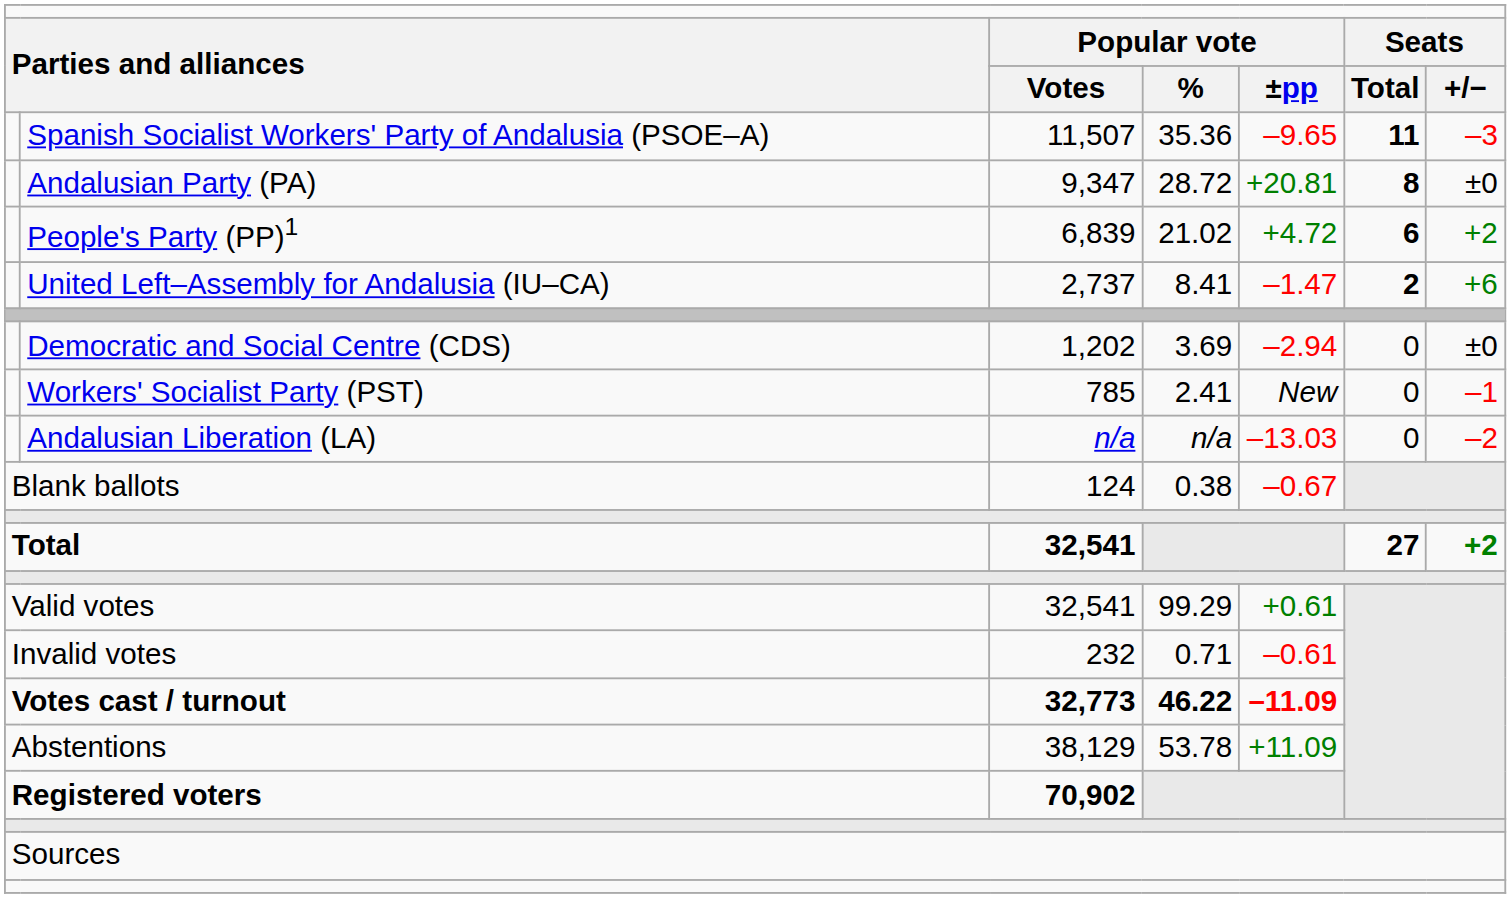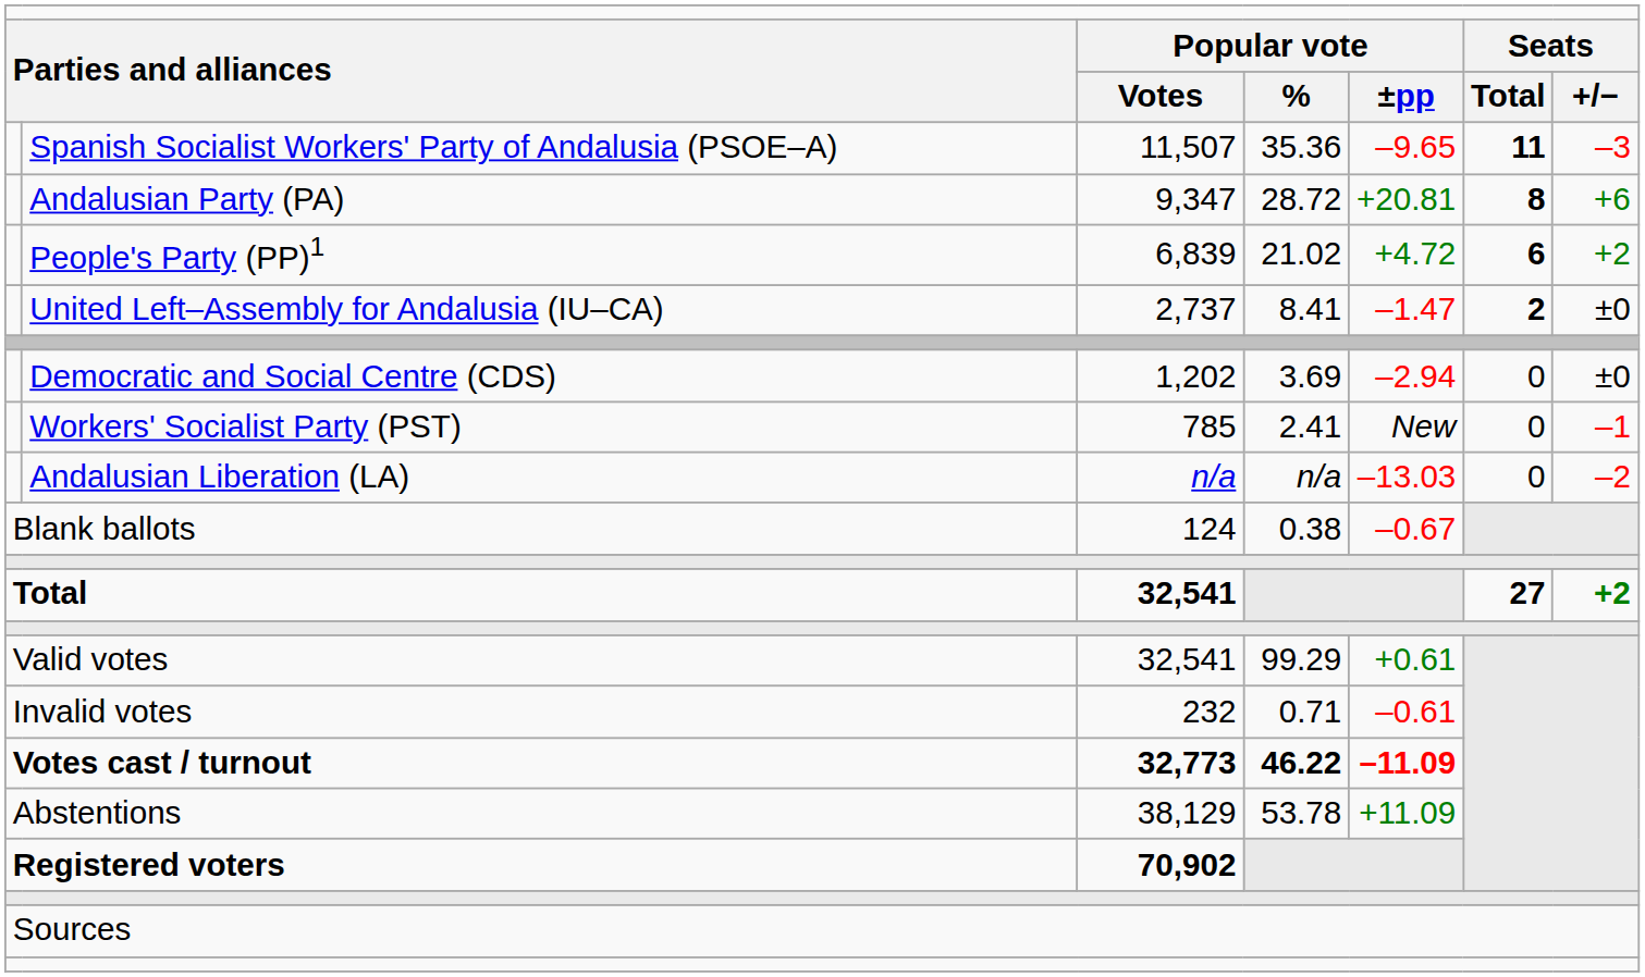 <table class="wikitable" style="text-align:right;">
 <tr>
 <td colspan="7"></td>
 </tr>
 <tr>
 <th style="text-align:left;" rowspan="2" colspan="2" width="525">Parties and alliances</th>
 <th colspan="3">Popular vote</th>
 <th colspan="2">Seats</th>
 </tr>
 <tr>
 <th width="75">Votes</th>
 <th width="45">%</th>
 <th width="45">±<a href='#'>pp</a></th>
 <th width="35">Total</th>
 <th width="35">+/−</th>
 </tr>
 <tr>
 <td width="1" style="color:inherit;background:"></td>
 <td align="left"><a href='#'>Spanish Socialist Workers' Party of Andalusia</a> (PSOE–A)</td>
 <td>11,507</td>
 <td>35.36</td>
 <td style="color:red;">–9.65</td>
 <td><strong>11</strong></td>
 <td style="color:red;">–3</td>
 </tr>
 <tr>
 <td style="color:inherit;background:"></td>
 <td align="left"><a href='#'>Andalusian Party</a> (PA)</td>
 <td>9,347</td>
 <td>28.72</td>
 <td style="color:green;">+20.81</td>
 <td><strong>8</strong></td>
-<td>±0</td>
+<td style="color:green;">+6</td>
 </tr>
 <tr>
 <td style="color:inherit;background:"></td>
 <td align="left"><a href='#'>People's Party</a> (PP)<sup>1</sup></td>
 <td>6,839</td>
 <td>21.02</td>
 <td style="color:green;">+4.72</td>
 <td><strong>6</strong></td>
 <td style="color:green;">+2</td>
 </tr>
 <tr>
 <td style="color:inherit;background:"></td>
 <td align="left"><a href='#'>United Left–Assembly for Andalusia</a> (IU–CA)</td>
 <td>2,737</td>
 <td>8.41</td>
 <td style="color:red;">–1.47</td>
 <td><strong>2</strong></td>
-<td style="color:green;">+6</td>
+<td>±0</td>
 </tr>
 <tr>
 <td colspan="7" bgcolor="#C0C0C0"></td>
 </tr>
 <tr>
 <td style="color:inherit;background:"></td>
 <td align="left"><a href='#'>Democratic and Social Centre</a> (CDS)</td>
 <td>1,202</td>
 <td>3.69</td>
 <td style="color:red;">–2.94</td>
 <td>0</td>
 <td>±0</td>
 </tr>
 <tr>
 <td style="color:inherit;background:"></td>
 <td align="left"><a href='#'>Workers' Socialist Party</a> (PST)</td>
 <td>785</td>
 <td>2.41</td>
 <td><em>New</em></td>
 <td>0</td>
 <td style="color:red;">–1</td>
 </tr>
 <tr>
 <td style="color:inherit;background:"></td>
 <td align="left"><a href='#'>Andalusian Liberation</a> (LA)</td>
 <td><em><a href='#'>n/a</a></em></td>
 <td><em>n/a</em></td>
 <td style="color:red;">–13.03</td>
 <td>0</td>
 <td style="color:red;">–2</td>
 </tr>
 <tr>
 <td align="left" colspan="2">Blank ballots</td>
 <td>124</td>
 <td>0.38</td>
 <td style="color:red;">–0.67</td>
 <td bgcolor="#E9E9E9" colspan="2"></td>
 </tr>
 <tr>
 <td colspan="7" bgcolor="#E9E9E9"></td>
 </tr>
 <tr style="font-weight:bold;">
 <td align="left" colspan="2">Total</td>
 <td>32,541</td>
 <td bgcolor="#E9E9E9" colspan="2"></td>
 <td>27</td>
 <td style="color:green;">+2</td>
 </tr>
 <tr>
 <td colspan="7" bgcolor="#E9E9E9"></td>
 </tr>
 <tr>
 <td align="left" colspan="2">Valid votes</td>
 <td>32,541</td>
 <td>99.29</td>
 <td style="color:green;">+0.61</td>
 <td bgcolor="#E9E9E9" colspan="2" rowspan="5"></td>
 </tr>
 <tr>
 <td align="left" colspan="2">Invalid votes</td>
 <td>232</td>
 <td>0.71</td>
 <td style="color:red;">–0.61</td>
 </tr>
 <tr style="font-weight:bold;">
 <td align="left" colspan="2">Votes cast / turnout</td>
 <td>32,773</td>
 <td>46.22</td>
 <td style="color:red;">–11.09</td>
 </tr>
 <tr>
 <td align="left" colspan="2">Abstentions</td>
 <td>38,129</td>
 <td>53.78</td>
 <td style="color:green;">+11.09</td>
 </tr>
 <tr style="font-weight:bold;">
 <td align="left" colspan="2">Registered voters</td>
 <td>70,902</td>
 <td bgcolor="#E9E9E9" colspan="2"></td>
 </tr>
 <tr>
 <td colspan="7" bgcolor="#E9E9E9"></td>
 </tr>
 <tr>
 <td align="left" colspan="7">Sources</td>
 </tr>
 <tr>
 <td colspan="7" style="text-align:left; max-width:790px;"></td>
 </tr>
 </table>
